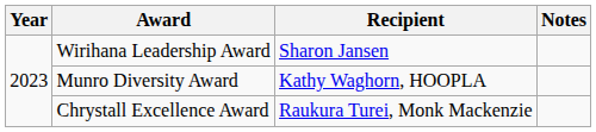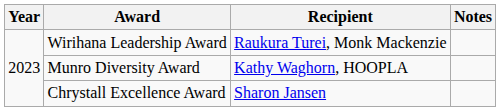 <table class="wikitable">
 <tr>
 <th>Year</th>
 <th>Award</th>
 <th>Recipient</th>
 <th>Notes</th>
 </tr>
 <tr>
 <td rowspan="3">2023</td>
 <td>Wirihana Leadership Award</td>
-<td><a href='#'>Sharon Jansen</a></td>
+<td><a href='#'>Raukura Turei</a>, Monk Mackenzie</td>
 <td></td>
 </tr>
 <tr>
 <td>Munro Diversity Award</td>
 <td><a href='#'>Kathy Waghorn</a>, HOOPLA</td>
 <td></td>
 </tr>
 <tr>
 <td>Chrystall Excellence Award</td>
-<td><a href='#'>Raukura Turei</a>, Monk Mackenzie</td>
+<td><a href='#'>Sharon Jansen</a></td>
 <td></td>
 </tr>
 </table>
